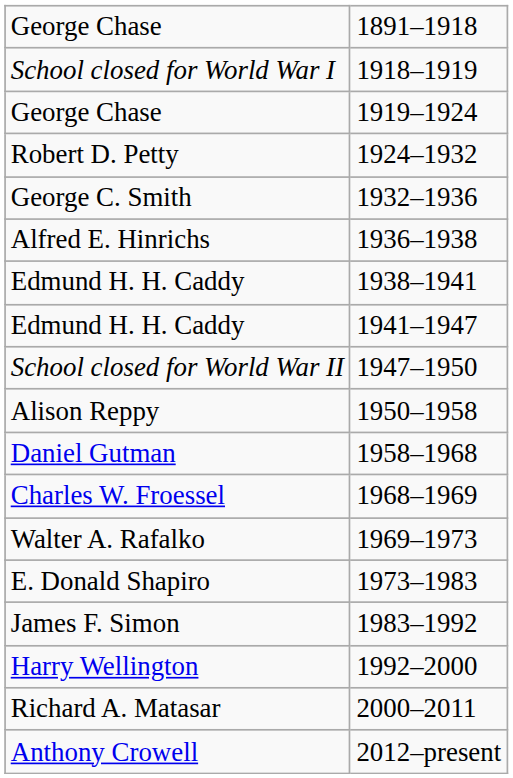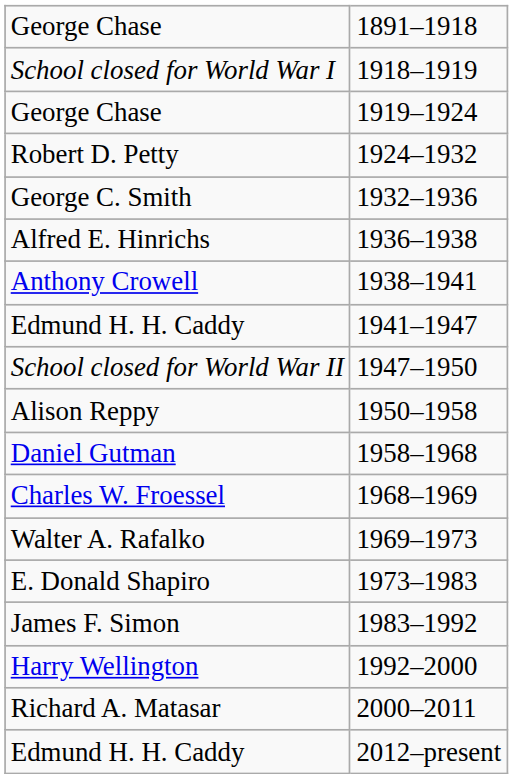 <table class="wikitable" align="right">
 <tr>
 <td>George Chase</td>
 <td>1891–1918</td>
 </tr>
 <tr>
 <td><em>School closed for World War I</em></td>
 <td>1918–1919</td>
 </tr>
 <tr>
 <td>George Chase</td>
 <td>1919–1924</td>
 </tr>
 <tr>
 <td>Robert D. Petty</td>
 <td>1924–1932</td>
 </tr>
 <tr>
 <td>George C. Smith</td>
 <td>1932–1936</td>
 </tr>
 <tr>
 <td>Alfred E. Hinrichs</td>
 <td>1936–1938</td>
 </tr>
 <tr>
-<td>Edmund H. H. Caddy</td>
+<td><a href='#'>Anthony Crowell</a></td>
 <td>1938–1941</td>
 </tr>
 <tr>
 <td>Edmund H. H. Caddy</td>
 <td>1941–1947</td>
 </tr>
 <tr>
 <td><em>School closed for World War II</em></td>
 <td>1947–1950</td>
 </tr>
 <tr>
 <td>Alison Reppy</td>
 <td>1950–1958</td>
 </tr>
 <tr>
 <td><a href='#'>Daniel Gutman</a></td>
 <td>1958–1968</td>
 </tr>
 <tr>
 <td><a href='#'>Charles W. Froessel</a></td>
 <td>1968–1969</td>
 </tr>
 <tr>
 <td>Walter A. Rafalko</td>
 <td>1969–1973</td>
 </tr>
 <tr>
 <td>E. Donald Shapiro</td>
 <td>1973–1983</td>
 </tr>
 <tr>
 <td>James F. Simon</td>
 <td>1983–1992</td>
 </tr>
 <tr>
 <td><a href='#'>Harry Wellington</a></td>
 <td>1992–2000</td>
 </tr>
 <tr>
 <td>Richard A. Matasar</td>
 <td>2000–2011</td>
 </tr>
 <tr>
-<td><a href='#'>Anthony Crowell</a></td>
+<td>Edmund H. H. Caddy</td>
 <td>2012–present</td>
 </tr>
 </table>
